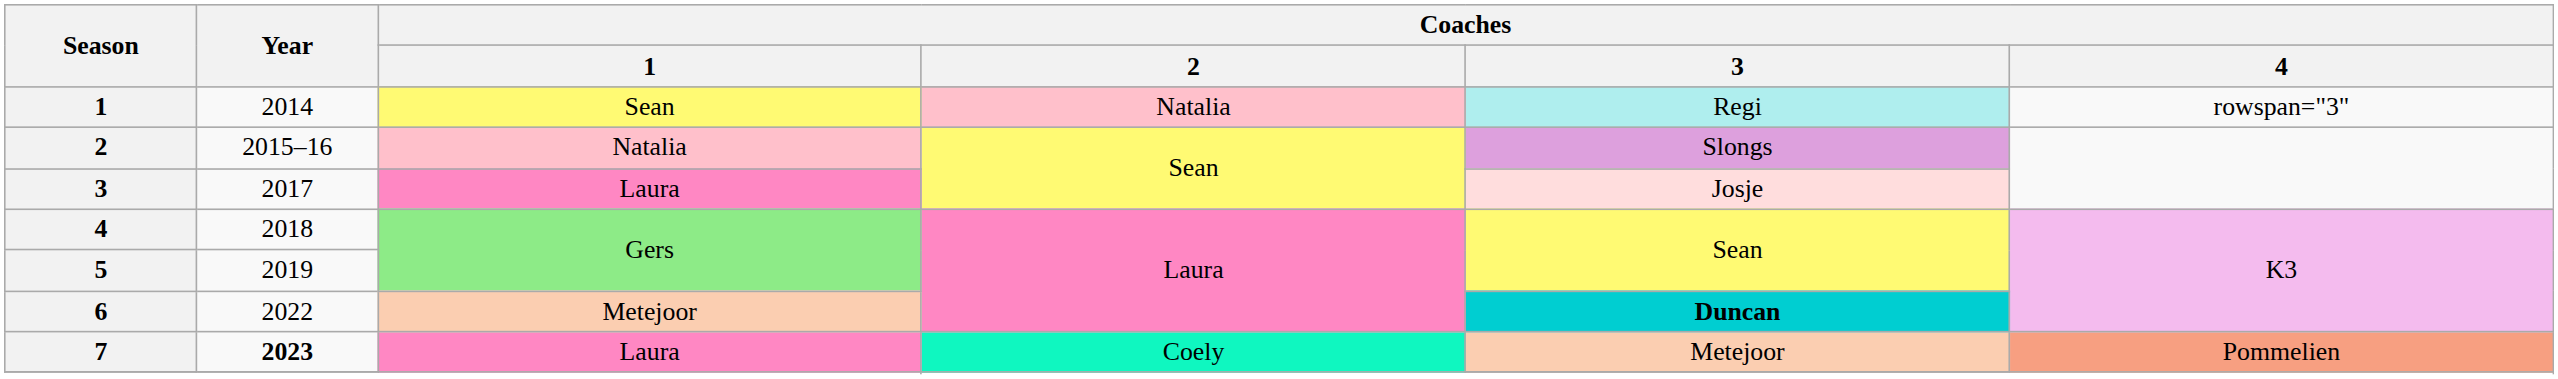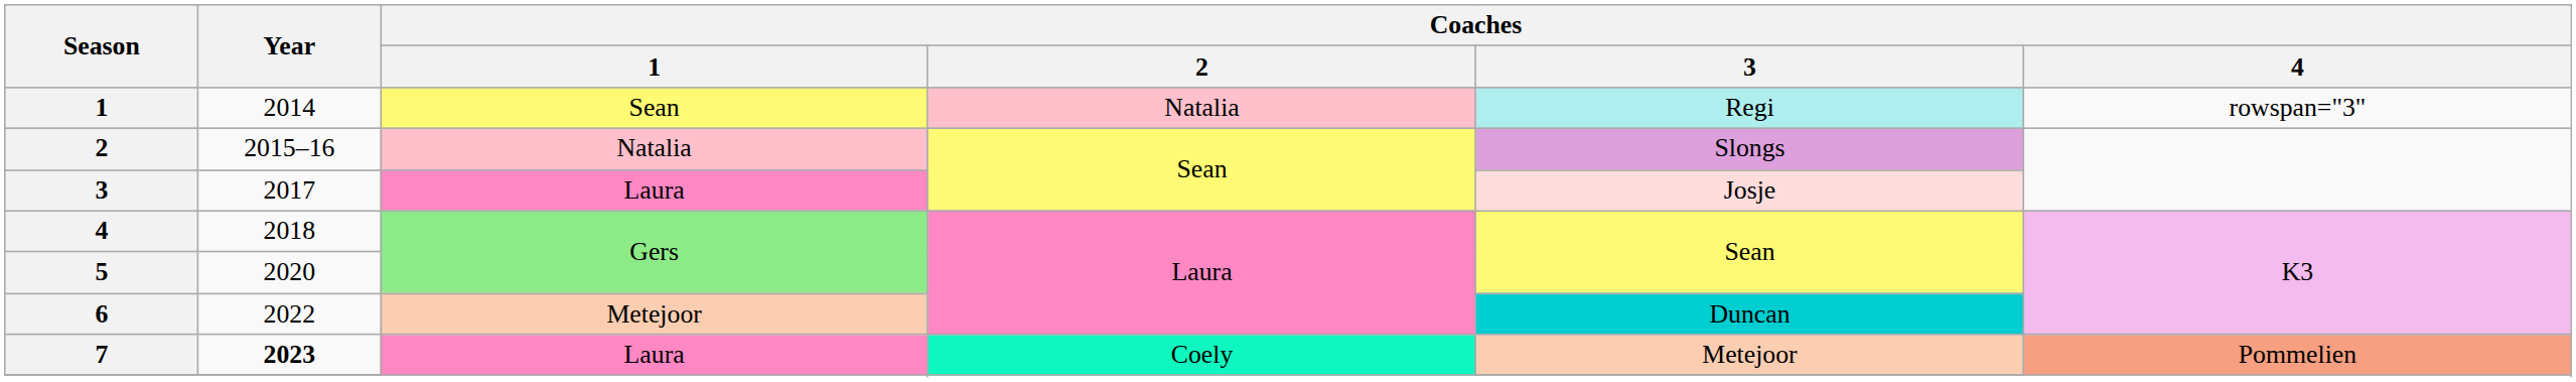 <table class="wikitable collapsible collapsed" style="text-align:center; width:100%">
 <tr>
 <th width="2%" rowspan="2">Season</th>
 <th width="2%" rowspan="2">Year</th>
 <th colspan="4">Coaches</th>
 </tr>
 <tr>
 <th width="7%">1</th>
 <th width="7%">2</th>
 <th width="7%">3</th>
 <th width="7%">4</th>
 </tr>
 <tr>
 <th>1</th>
 <td>2014</td>
 <td style="background:#fffa73">Sean</td>
 <td style="background: Pink">Natalia</td>
 <td style="background:#afeeee">Regi</td>
 <td>rowspan="3" </td>
 </tr>
 <tr>
 <th>2</th>
 <td>2015–16</td>
 <td style="background: Pink">Natalia</td>
 <td rowspan="2" style="background:#fffa73">Sean</td>
 <td style="background:#dda0dd">Slongs</td>
 </tr>
 <tr>
 <th>3</th>
 <td>2017</td>
 <td style="background:#FF87C3">Laura</td>
 <td style="background:#ffdddd">Josje</td>
 </tr>
 <tr>
 <th>4</th>
 <td>2018</td>
 <td rowspan="2" style="background:#8deb87">Gers</td>
 <td rowspan="3" style="background:#FF87C3">Laura</td>
 <td rowspan="2" style="background:#fffa73">Sean</td>
 <td rowspan="3" style="background:#f4bbee">K3</td>
 </tr>
 <tr>
 <th>5</th>
-<td>2019</td>
+<td>2020</td>
 </tr>
 <tr>
 <th>6</th>
 <td>2022</td>
 <td style="background:#fbceb1">Metejoor</td>
-<td style="background:#00ced1"><strong>Duncan</strong></td>
+<td style="background:#00ced1">Duncan</td>
 </tr>
 <tr>
 <th>7</th>
 <td><strong>2023</strong></td>
 <td rowspan="2" style="background:#FF87C3">Laura</td>
 <td rowspan="2" style="background:#0ff7c0">Coely</td>
 <td style="background:#fbceb1">Metejoor</td>
 <td rowspan="2" style="background:#F79F81">Pommelien</td>
 </tr>
 <tr>
 </tr>
 </table>
